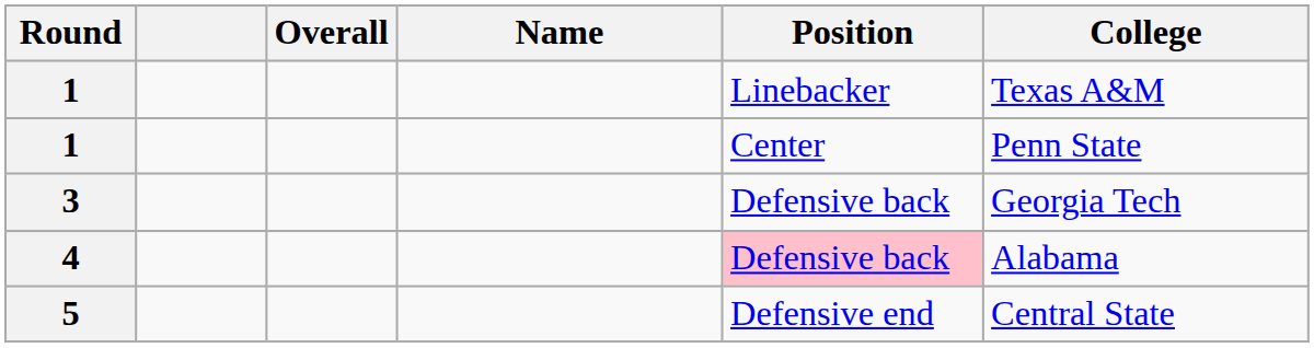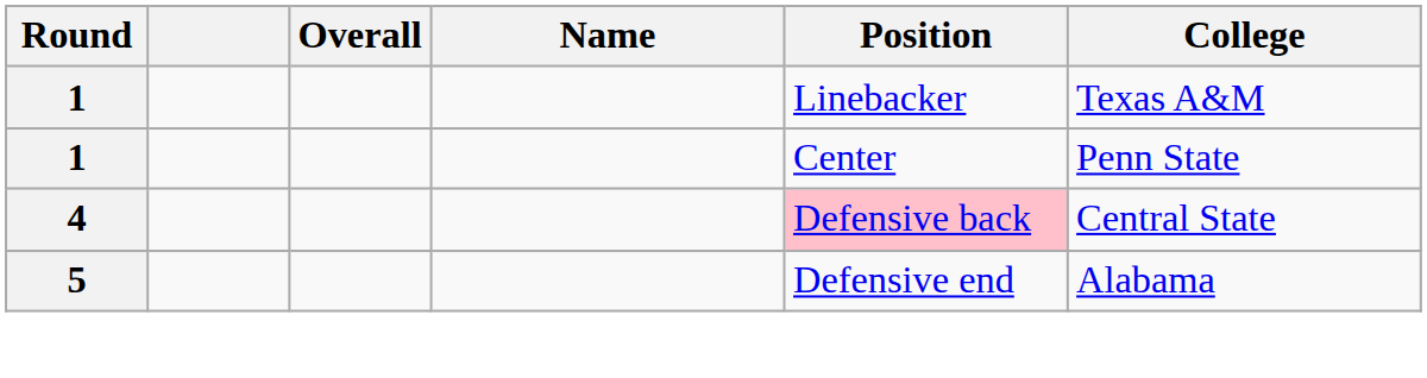 <table class="wikitable sortable">
 <tr>
 <th scope="col" style="width: 10%;">Round</th>
 <th scope="col" style="width: 10%;"></th>
 <th scope="col" style="width: 10%;">Overall</th>
 <th scope="col" style="width: 25%;">Name</th>
 <th scope="col" style="width: 20%;">Position</th>
 <th scope="col" style="width: 25%;">College</th>
 </tr>
 <tr>
 <th scope="row">1</th>
 <td></td>
 <td></td>
 <td></td>
 <td><a href='#'>Linebacker</a></td>
 <td><a href='#'>Texas A&M</a></td>
 </tr>
 <tr>
 <th scope="row">1</th>
 <td></td>
 <td></td>
 <td></td>
 <td><a href='#'>Center</a></td>
 <td><a href='#'>Penn State</a></td>
 </tr>
 <tr>
-<th scope="row">3</th>
-<td></td>
-<td></td>
-<td></td>
-<td><a href='#'>Defensive back</a></td>
-<td><a href='#'>Georgia Tech</a></td>
-</tr>
-<tr>
 <th scope="row">4</th>
 <td></td>
 <td></td>
 <td></td>
 <td style="background: pink;"><a href='#'>Defensive back</a></td>
-<td><a href='#'>Alabama</a></td>
+<td><a href='#'>Central State</a></td>
 </tr>
 <tr>
 <th scope="row">5</th>
 <td></td>
 <td></td>
 <td></td>
 <td><a href='#'>Defensive end</a></td>
-<td><a href='#'>Central State</a></td>
+<td><a href='#'>Alabama</a></td>
 </tr>
 </table>
